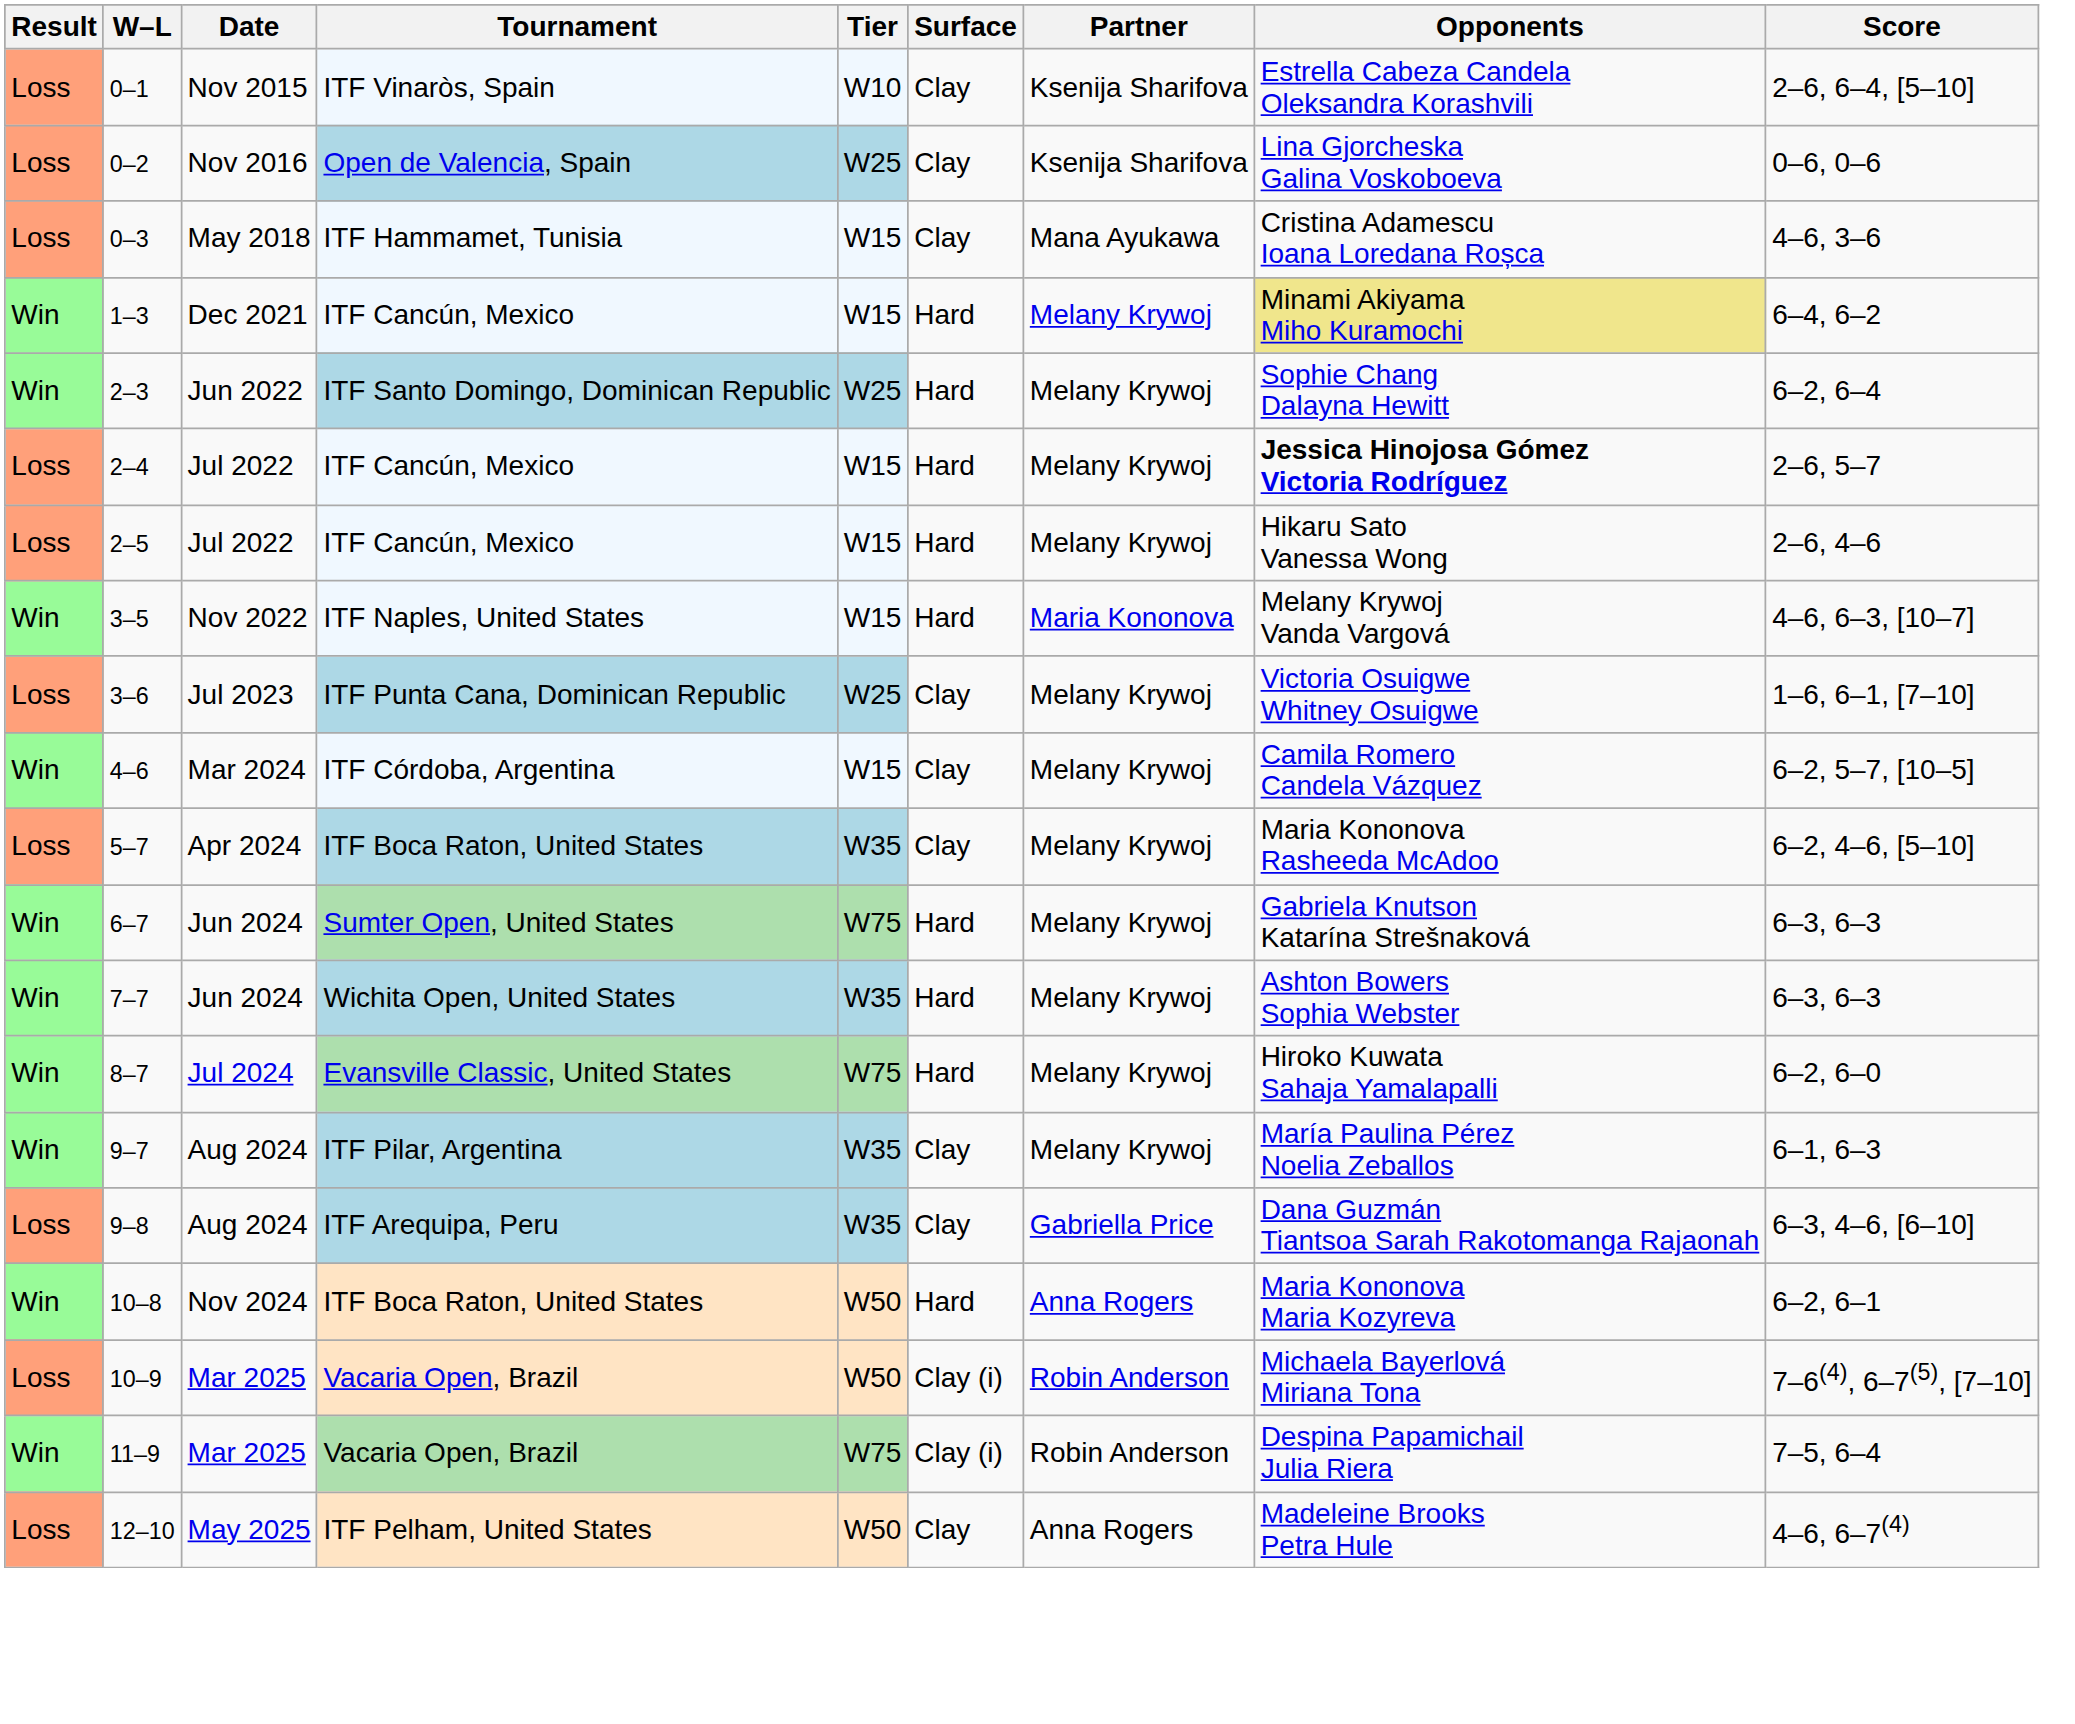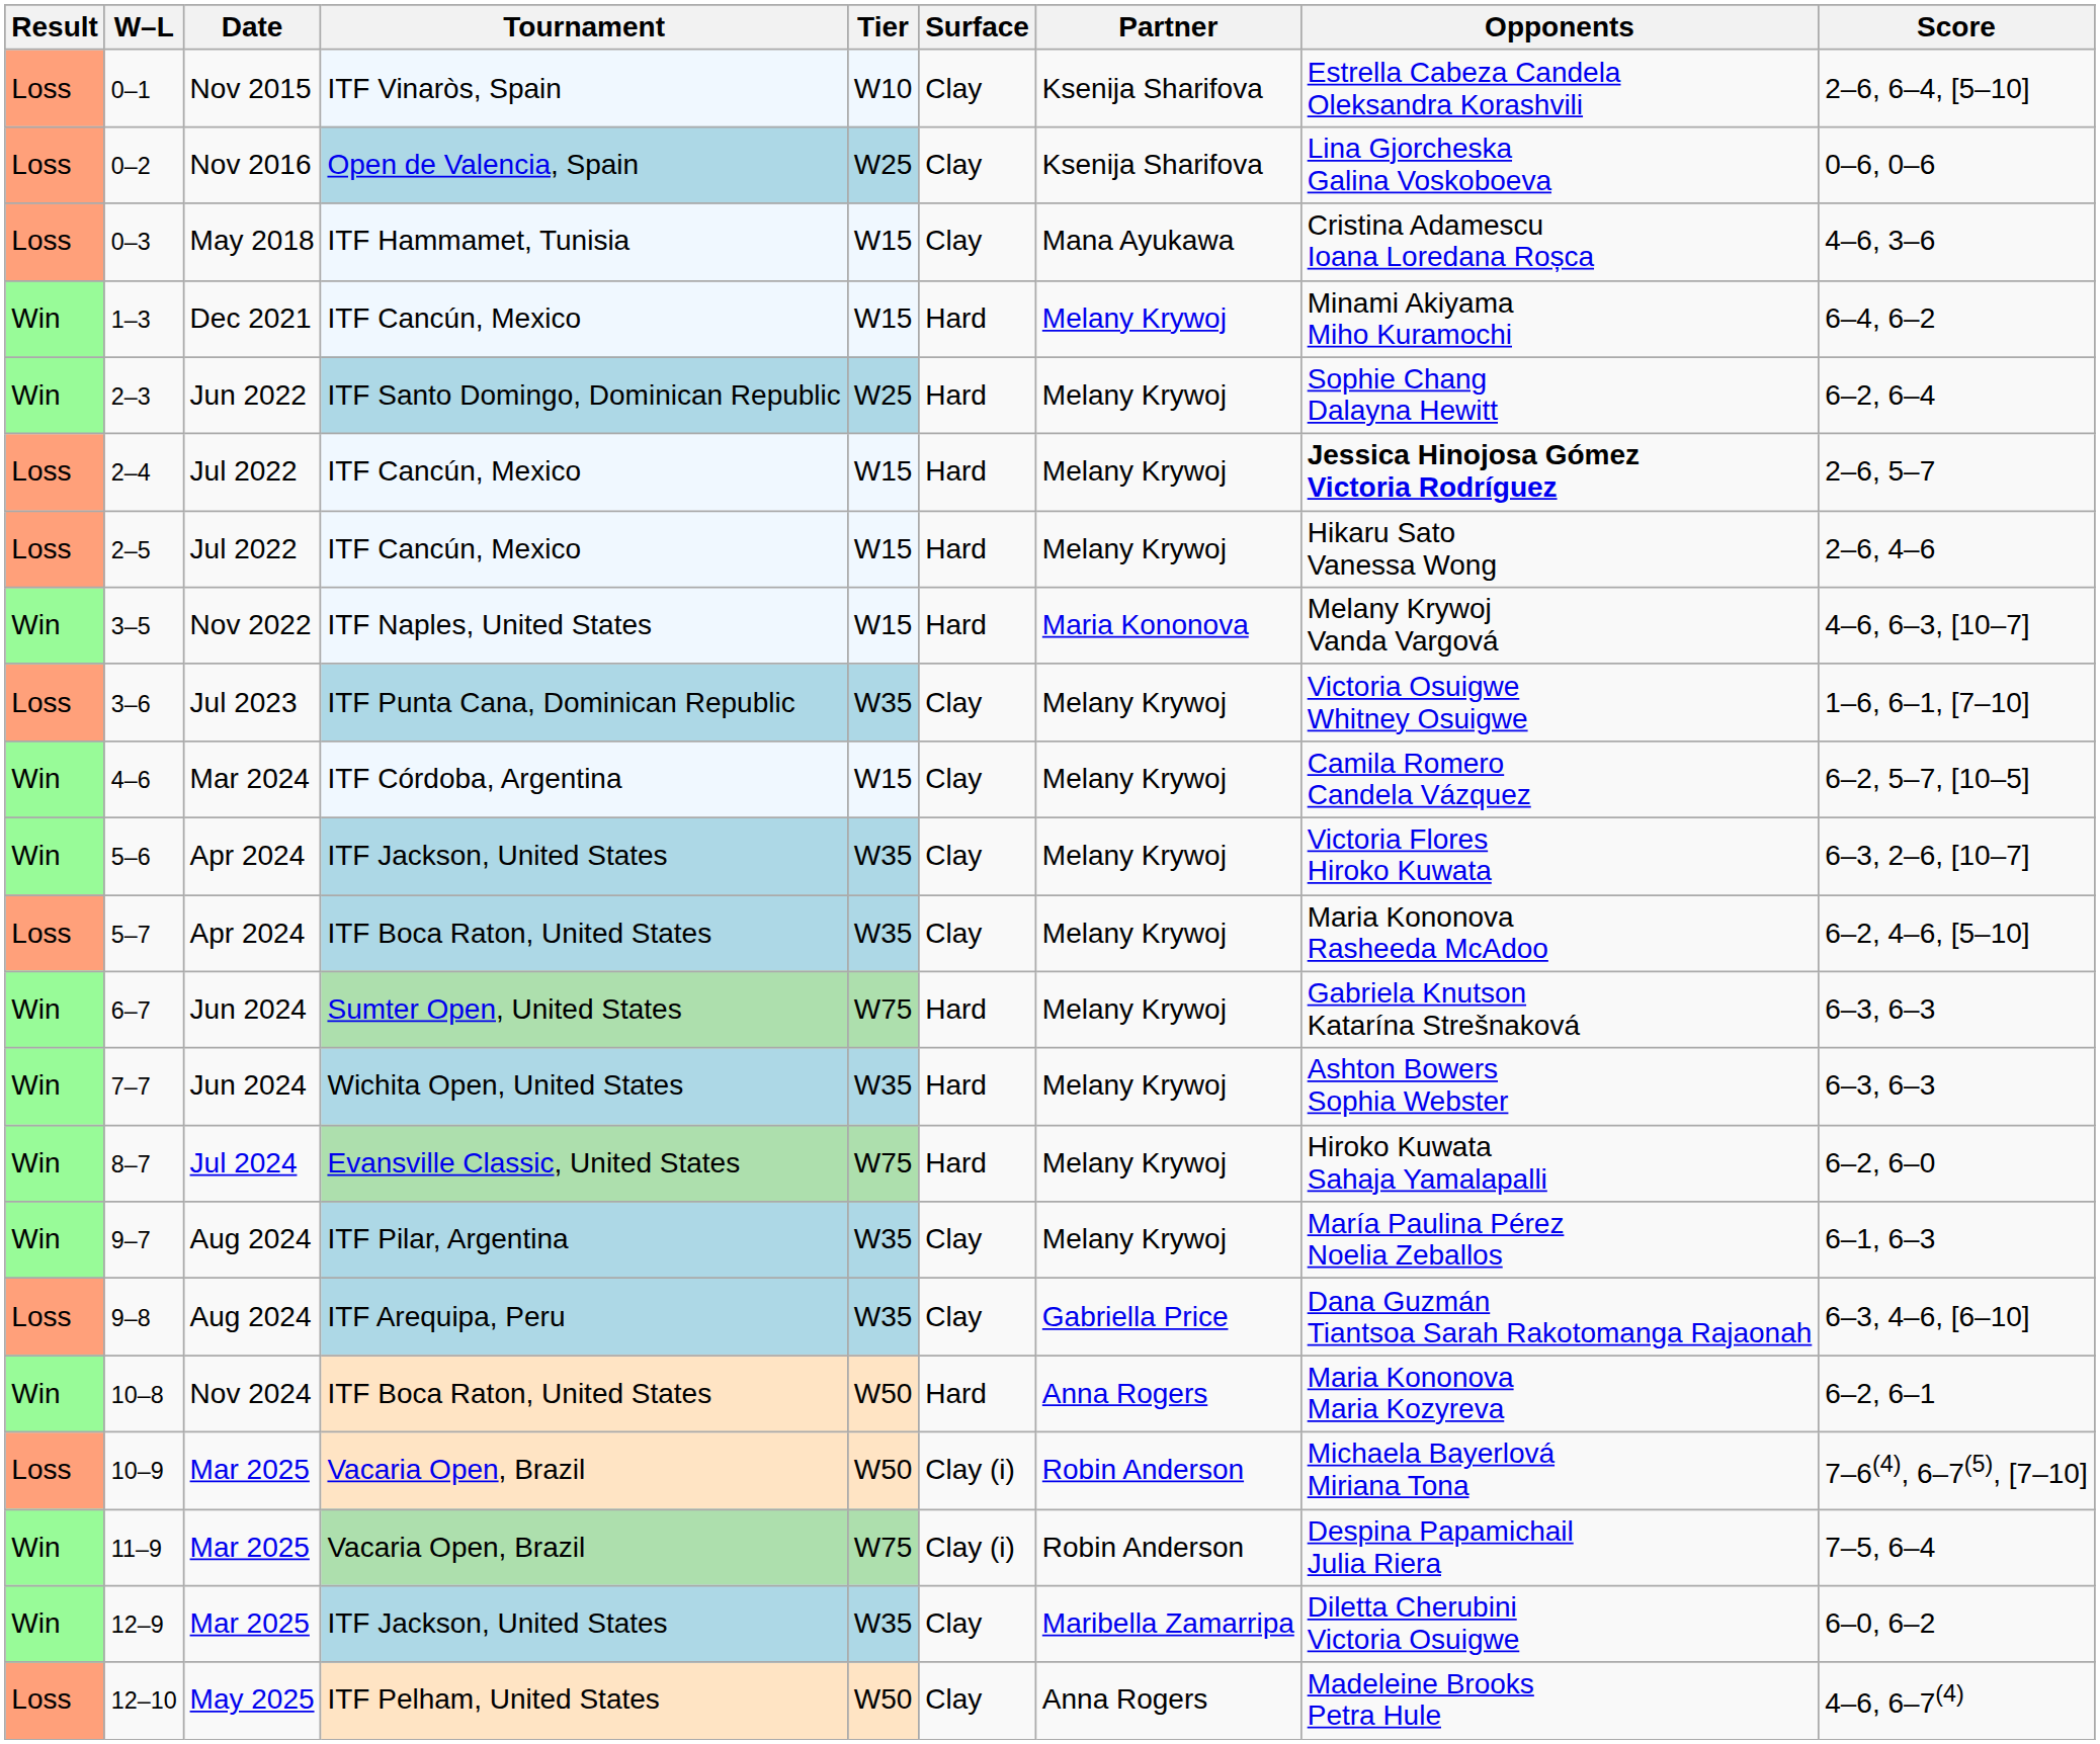 <table class="sortable wikitable">
 <tr>
 <th>Result</th>
 <th class="unsortable">W–L</th>
 <th>Date</th>
 <th>Tournament</th>
 <th>Tier</th>
 <th>Surface</th>
 <th>Partner</th>
 <th>Opponents</th>
 <th class="unsortable">Score</th>
 </tr>
 <tr>
 <td style="background:#ffa07a;">Loss</td>
 <td><small>0–1</small></td>
 <td>Nov 2015</td>
 <td style="background:#f0f8ff;">ITF Vinaròs, Spain</td>
 <td style="background:#f0f8ff;">W10</td>
 <td>Clay</td>
 <td> Ksenija Sharifova</td>
 <td> <a href='#'>Estrella Cabeza Candela</a> <br>  <a href='#'>Oleksandra Korashvili</a></td>
 <td>2–6, 6–4, [5–10]</td>
 </tr>
 <tr>
 <td style="background:#ffa07a;">Loss</td>
 <td><small>0–2</small></td>
 <td>Nov 2016</td>
 <td style="background:lightblue;"><a href='#'>Open de Valencia</a>, Spain</td>
 <td style="background:lightblue;">W25</td>
 <td>Clay</td>
 <td> Ksenija Sharifova</td>
 <td> <a href='#'>Lina Gjorcheska</a> <br>  <a href='#'>Galina Voskoboeva</a></td>
 <td>0–6, 0–6</td>
 </tr>
 <tr>
 <td style="background:#ffa07a;">Loss</td>
 <td><small>0–3</small></td>
 <td>May 2018</td>
 <td style="background:#f0f8ff;">ITF Hammamet, Tunisia</td>
 <td style="background:#f0f8ff;">W15</td>
 <td>Clay</td>
 <td> Mana Ayukawa</td>
 <td> Cristina Adamescu <br>  <a href='#'>Ioana Loredana Roșca</a></td>
 <td>4–6, 3–6</td>
 </tr>
 <tr>
 <td style="background:#98fb98;">Win</td>
 <td><small>1–3</small></td>
 <td>Dec 2021</td>
 <td style="background:#f0f8ff;">ITF Cancún, Mexico</td>
 <td style="background:#f0f8ff;">W15</td>
 <td>Hard</td>
 <td> <a href='#'>Melany Krywoj</a></td>
-<td style="background: khaki;"> Minami Akiyama <br>  <a href='#'>Miho Kuramochi</a></td>
+<td> Minami Akiyama <br>  <a href='#'>Miho Kuramochi</a></td>
 <td>6–4, 6–2</td>
 </tr>
 <tr>
 <td style="background:#98fb98;">Win</td>
 <td><small>2–3</small></td>
 <td>Jun 2022</td>
 <td style="background:lightblue;">ITF Santo Domingo, Dominican Republic</td>
 <td style="background:lightblue;">W25</td>
 <td>Hard</td>
 <td> Melany Krywoj</td>
 <td> <a href='#'>Sophie Chang</a> <br>  <a href='#'>Dalayna Hewitt</a></td>
 <td>6–2, 6–4</td>
 </tr>
 <tr>
 <td style="background:#ffa07a;">Loss</td>
 <td><small>2–4</small></td>
 <td>Jul 2022</td>
 <td style="background:#f0f8ff;">ITF Cancún, Mexico</td>
 <td style="background:#f0f8ff;">W15</td>
 <td>Hard</td>
 <td> Melany Krywoj</td>
 <td><strong> Jessica Hinojosa Gómez <br>  <a href='#'>Victoria Rodríguez</a></strong></td>
 <td>2–6, 5–7</td>
 </tr>
 <tr>
 <td style="background:#ffa07a;">Loss</td>
 <td><small>2–5</small></td>
 <td>Jul 2022</td>
 <td style="background:#f0f8ff;">ITF Cancún, Mexico</td>
 <td style="background:#f0f8ff;">W15</td>
 <td>Hard</td>
 <td> Melany Krywoj</td>
 <td> Hikaru Sato <br>  Vanessa Wong</td>
 <td>2–6, 4–6</td>
 </tr>
 <tr>
 <td bgcolor=98FB98>Win</td>
 <td><small>3–5</small></td>
 <td>Nov 2022</td>
 <td style="background:#f0f8ff;">ITF Naples, United States</td>
 <td style="background:#f0f8ff;">W15</td>
 <td>Hard</td>
 <td> <a href='#'>Maria Kononova</a></td>
 <td> Melany Krywoj <br>  Vanda Vargová</td>
 <td>4–6, 6–3, [10–7]</td>
 </tr>
 <tr>
 <td style="background:#ffa07a;">Loss</td>
 <td><small>3–6</small></td>
 <td>Jul 2023</td>
 <td style="background:lightblue;">ITF Punta Cana, Dominican Republic</td>
-<td style="background:lightblue;">W25</td>
+<td style="background:lightblue;">W35</td>
 <td>Clay</td>
 <td> Melany Krywoj</td>
 <td> <a href='#'>Victoria Osuigwe</a> <br>  <a href='#'>Whitney Osuigwe</a></td>
 <td>1–6, 6–1, [7–10]</td>
 </tr>
 <tr>
 <td bgcolor=98FB98>Win</td>
 <td><small>4–6</small></td>
 <td>Mar 2024</td>
 <td style="background:#f0f8ff;">ITF Córdoba, Argentina</td>
 <td style="background:#f0f8ff;">W15</td>
 <td>Clay</td>
 <td> Melany Krywoj</td>
 <td> <a href='#'>Camila Romero</a> <br>  <a href='#'>Candela Vázquez</a></td>
 <td>6–2, 5–7, [10–5]</td>
+</tr>
+<tr>
+<td bgcolor=98FB98>Win</td>
+<td><small>5–6</small></td>
+<td>Apr 2024</td>
+<td style="background:lightblue">ITF Jackson, United States</td>
+<td style="background:lightblue">W35</td>
+<td>Clay</td>
+<td> Melany Krywoj</td>
+<td> <a href='#'>Victoria Flores</a> <br>  <a href='#'>Hiroko Kuwata</a></td>
+<td>6–3, 2–6, [10–7]</td>
 </tr>
 <tr>
 <td style="background:#ffa07a;">Loss</td>
 <td><small>5–7</small></td>
 <td>Apr 2024</td>
 <td style="background:lightblue;">ITF Boca Raton, United States</td>
 <td style="background:lightblue;">W35</td>
 <td>Clay</td>
 <td> Melany Krywoj</td>
 <td> Maria Kononova <br>  <a href='#'>Rasheeda McAdoo</a></td>
 <td>6–2, 4–6, [5–10]</td>
 </tr>
 <tr>
 <td style="background:#98fb98;">Win</td>
 <td><small>6–7</small></td>
 <td>Jun 2024</td>
 <td style="background:#addfad;"><a href='#'>Sumter Open</a>, United States</td>
 <td style="background:#addfad;">W75</td>
 <td>Hard</td>
 <td> Melany Krywoj</td>
 <td> <a href='#'>Gabriela Knutson</a> <br>  Katarína Strešnaková</td>
 <td>6–3, 6–3</td>
 </tr>
 <tr>
 <td style="background:#98fb98;">Win</td>
 <td><small>7–7</small></td>
 <td>Jun 2024</td>
 <td style="background:lightblue;">Wichita Open, United States</td>
 <td style="background:lightblue;">W35</td>
 <td>Hard</td>
 <td> Melany Krywoj</td>
 <td> <a href='#'>Ashton Bowers</a> <br>  <a href='#'>Sophia Webster</a></td>
 <td>6–3, 6–3</td>
 </tr>
 <tr>
 <td style="background:#98fb98;">Win</td>
 <td><small>8–7</small></td>
 <td><a href='#'>Jul 2024</a></td>
 <td style="background:#addfad;"><a href='#'>Evansville Classic</a>, United States</td>
 <td style="background:#addfad;">W75</td>
 <td>Hard</td>
 <td> Melany Krywoj</td>
 <td> Hiroko Kuwata <br>  <a href='#'>Sahaja Yamalapalli</a></td>
 <td>6–2, 6–0</td>
 </tr>
 <tr>
 <td style="background:#98fb98;">Win</td>
 <td><small>9–7</small></td>
 <td>Aug 2024</td>
 <td style="background:lightblue;">ITF Pilar, Argentina</td>
 <td style="background:lightblue;">W35</td>
 <td>Clay</td>
 <td> Melany Krywoj</td>
 <td> <a href='#'>María Paulina Pérez</a> <br>  <a href='#'>Noelia Zeballos</a></td>
 <td>6–1, 6–3</td>
 </tr>
 <tr>
 <td style="background:#ffa07a;">Loss</td>
 <td><small>9–8</small></td>
 <td>Aug 2024</td>
 <td style="background:lightblue;">ITF Arequipa, Peru</td>
 <td style="background:lightblue;">W35</td>
 <td>Clay</td>
 <td> <a href='#'>Gabriella Price</a></td>
 <td> <a href='#'>Dana Guzmán</a> <br>  <a href='#'>Tiantsoa Sarah Rakotomanga Rajaonah</a></td>
 <td>6–3, 4–6, [6–10]</td>
 </tr>
 <tr>
 <td style="background:#98fb98;">Win</td>
 <td><small>10–8</small></td>
 <td>Nov 2024</td>
 <td style="background:#ffe4c4;">ITF Boca Raton, United States</td>
 <td style="background:#ffe4c4;">W50</td>
 <td>Hard</td>
 <td> <a href='#'>Anna Rogers</a></td>
 <td> <a href='#'>Maria Kononova</a> <br>  <a href='#'>Maria Kozyreva</a></td>
 <td>6–2, 6–1</td>
 </tr>
 <tr>
 <td style="background:#ffa07a;">Loss</td>
 <td><small>10–9</small></td>
 <td><a href='#'>Mar 2025</a></td>
 <td style="background:#ffe4c4;"><a href='#'>Vacaria Open</a>, Brazil</td>
 <td style="background:#ffe4c4;">W50</td>
 <td>Clay (i)</td>
 <td> <a href='#'>Robin Anderson</a></td>
 <td> <a href='#'>Michaela Bayerlová</a> <br>  <a href='#'>Miriana Tona</a></td>
 <td>7–6<sup>(4)</sup>, 6–7<sup>(5)</sup>, [7–10]</td>
 </tr>
 <tr>
 <td style="background:#98fb98;">Win</td>
 <td><small>11–9</small></td>
 <td><a href='#'>Mar 2025</a></td>
 <td style="background:#addfad;">Vacaria Open, Brazil</td>
 <td style="background:#addfad;">W75</td>
 <td>Clay (i)</td>
 <td> Robin Anderson</td>
 <td> <a href='#'>Despina Papamichail</a> <br>  <a href='#'>Julia Riera</a></td>
 <td>7–5, 6–4</td>
 </tr>
 <tr>
+<td style="background:#98fb98;">Win</td>
+<td><small>12–9</small></td>
+<td><a href='#'>Mar 2025</a></td>
+<td style="background:lightblue">ITF Jackson, United States</td>
+<td style="background:lightblue">W35</td>
+<td>Clay</td>
+<td> <a href='#'>Maribella Zamarripa</a></td>
+<td> <a href='#'>Diletta Cherubini</a> <br>  <a href='#'>Victoria Osuigwe</a></td>
+<td>6–0, 6–2</td>
+</tr>
+<tr>
 <td style="background:#ffa07a">Loss</td>
 <td><small>12–10</small></td>
 <td><a href='#'>May 2025</a></td>
 <td style="background:#ffe4c4;">ITF Pelham, United States</td>
 <td style="background:#ffe4c4;">W50</td>
 <td>Clay</td>
 <td> Anna Rogers</td>
 <td> <a href='#'>Madeleine Brooks</a> <br>  <a href='#'>Petra Hule</a></td>
 <td>4–6, 6–7<sup>(4)</sup></td>
 </tr>
 </table>
